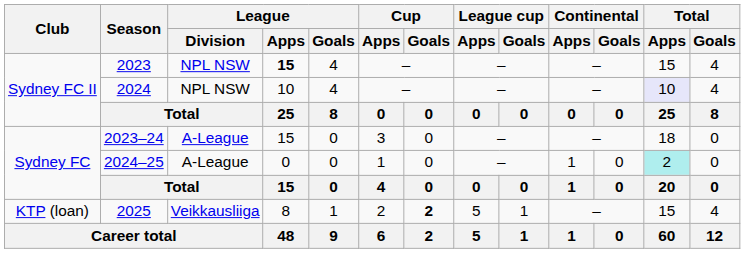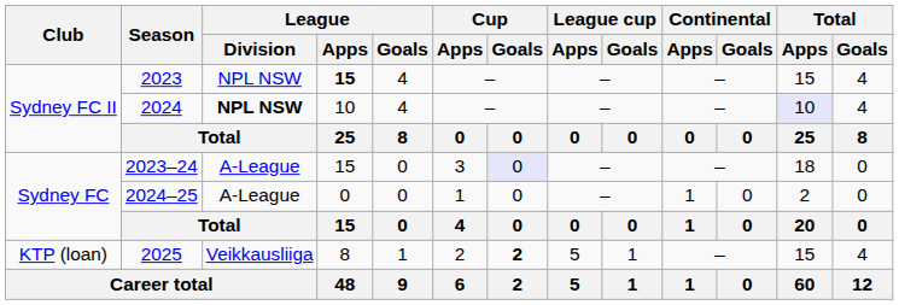 <table class="wikitable" style="text-align:center">
 <tr>
 <th rowspan="2">Club</th>
 <th rowspan="2">Season</th>
 <th colspan="3">League</th>
 <th colspan="2">Cup</th>
 <th colspan="2">League cup</th>
 <th colspan="2">Continental</th>
 <th colspan="2">Total</th>
 </tr>
 <tr>
 <th>Division</th>
 <th>Apps</th>
 <th>Goals</th>
 <th>Apps</th>
 <th>Goals</th>
 <th>Apps</th>
 <th>Goals</th>
 <th>Apps</th>
 <th>Goals</th>
 <th>Apps</th>
 <th>Goals</th>
 </tr>
 <tr>
 <td rowspan=3><a href='#'>Sydney FC II</a></td>
 <td><a href='#'>2023</a></td>
 <td><a href='#'>NPL NSW</a></td>
 <td><strong>15</strong></td>
 <td>4</td>
 <td colspan=2>–</td>
 <td colspan=2>–</td>
 <td colspan=2>–</td>
 <td>15</td>
 <td>4</td>
 </tr>
 <tr>
 <td><a href='#'>2024</a></td>
-<td>NPL NSW</td>
+<td><strong>NPL NSW</strong></td>
 <td>10</td>
 <td>4</td>
 <td colspan=2>–</td>
 <td colspan=2>–</td>
 <td colspan=2>–</td>
 <td style="background: lavender;">10</td>
 <td>4</td>
 </tr>
 <tr>
 <th colspan=2>Total</th>
 <th>25</th>
 <th>8</th>
 <th>0</th>
 <th>0</th>
 <th>0</th>
 <th>0</th>
 <th>0</th>
 <th>0</th>
 <th>25</th>
 <th>8</th>
 </tr>
 <tr>
 <td rowspan=3><a href='#'>Sydney FC</a></td>
 <td><a href='#'>2023–24</a></td>
 <td><a href='#'>A-League</a></td>
 <td>15</td>
 <td>0</td>
 <td>3</td>
-<td>0</td>
+<td style="background: lavender;">0</td>
 <td colspan=2>–</td>
 <td colspan=2>–</td>
 <td>18</td>
 <td>0</td>
 </tr>
 <tr>
 <td><a href='#'>2024–25</a></td>
 <td>A-League</td>
 <td>0</td>
 <td>0</td>
 <td>1</td>
 <td>0</td>
 <td colspan=2>–</td>
 <td>1</td>
 <td>0</td>
-<td style="background: paleturquoise;">2</td>
+<td>2</td>
 <td>0</td>
 </tr>
 <tr>
 <th colspan=2>Total</th>
 <th>15</th>
 <th>0</th>
 <th>4</th>
 <th>0</th>
 <th>0</th>
 <th>0</th>
 <th>1</th>
 <th>0</th>
 <th>20</th>
 <th>0</th>
 </tr>
 <tr>
 <td><a href='#'>KTP</a> (loan)</td>
 <td><a href='#'>2025</a></td>
 <td><a href='#'>Veikkausliiga</a></td>
 <td>8</td>
 <td>1</td>
 <td>2</td>
 <td><strong>2</strong></td>
 <td>5</td>
 <td>1</td>
 <td colspan=2>–</td>
 <td>15</td>
 <td>4</td>
 </tr>
 <tr>
 <th colspan="3">Career total</th>
 <th>48</th>
 <th>9</th>
 <th>6</th>
 <th>2</th>
 <th>5</th>
 <th>1</th>
 <th>1</th>
 <th>0</th>
 <th>60</th>
 <th>12</th>
 </tr>
 </table>
